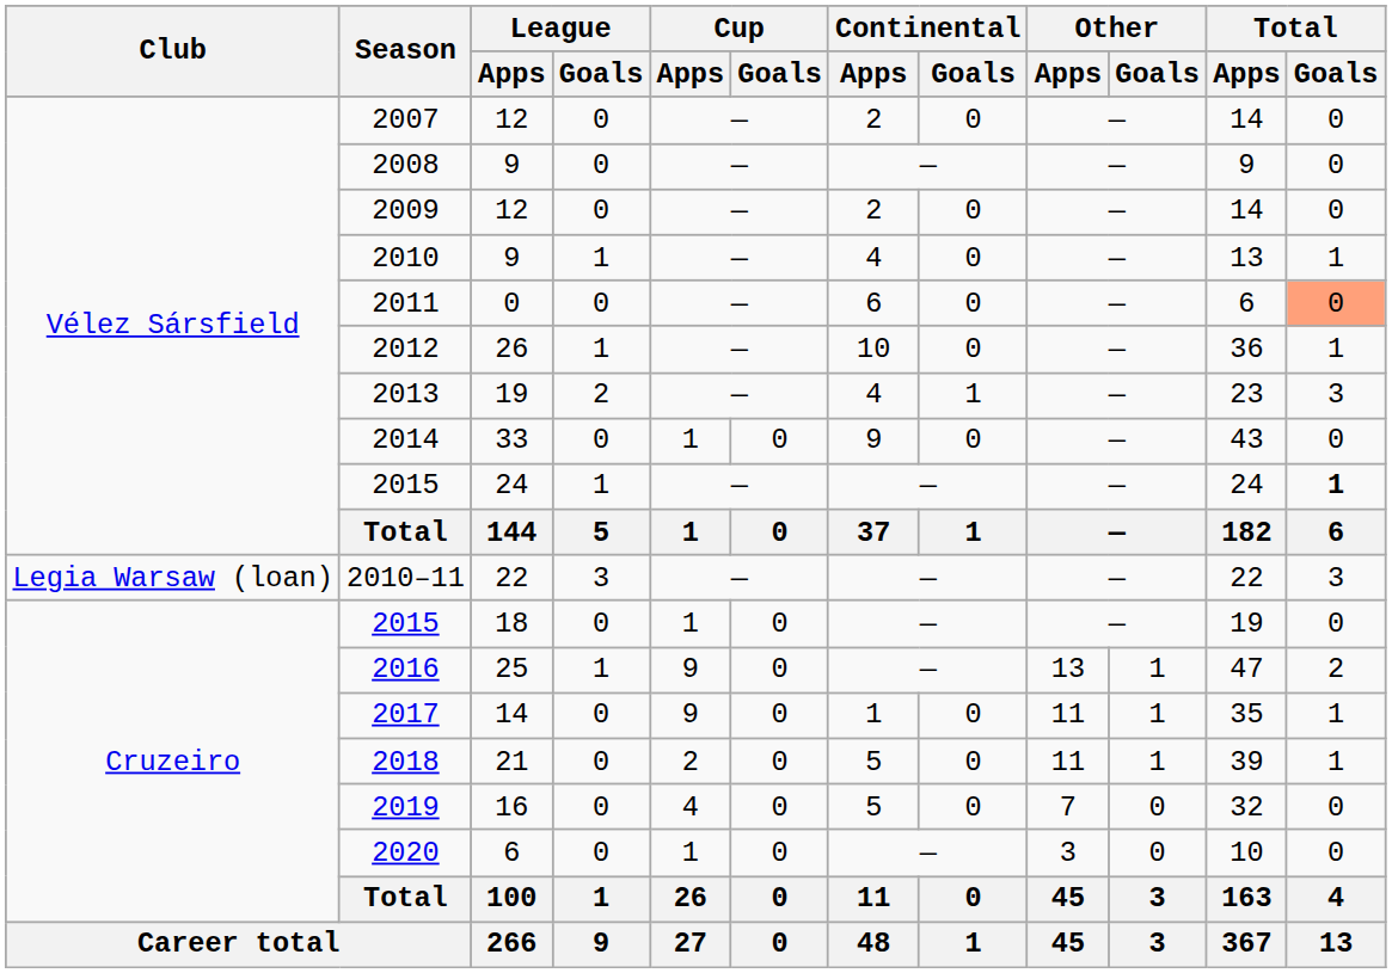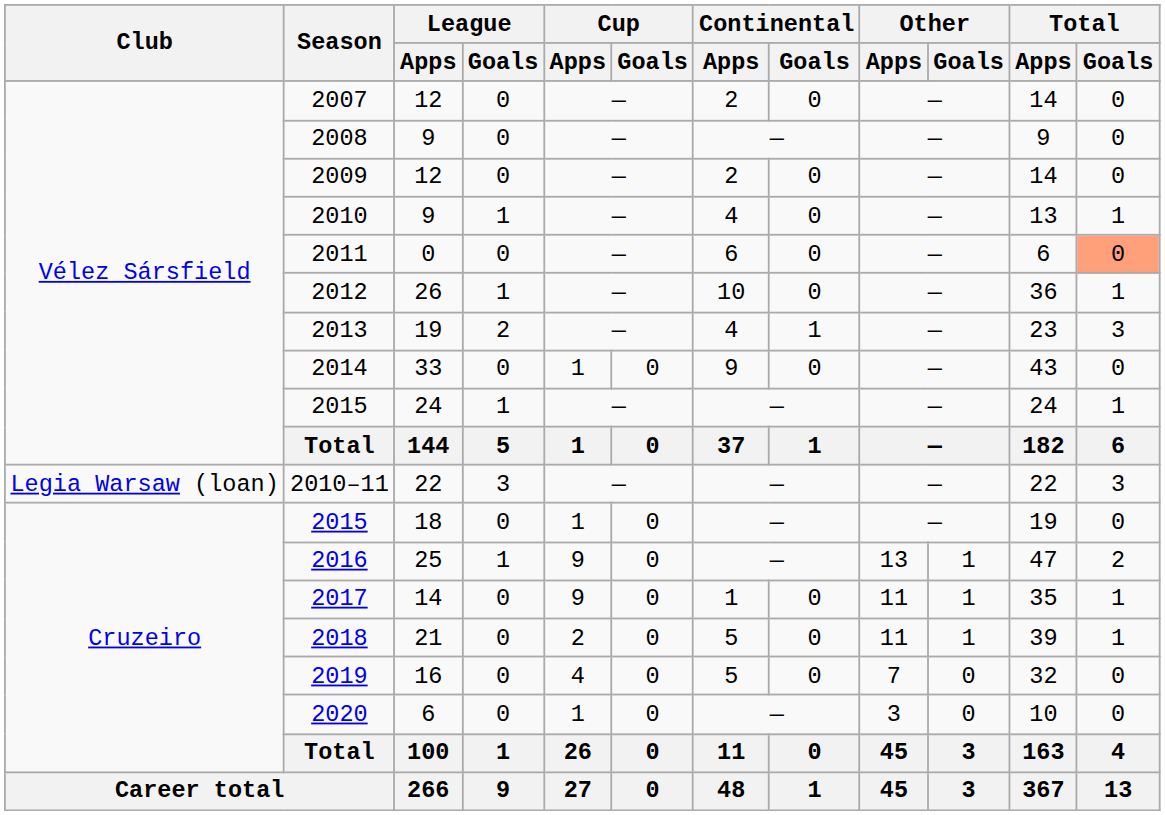 <table class="wikitable" style="text-align:center">
 <tr>
 <th rowspan="2">Club</th>
 <th rowspan="2">Season</th>
 <th colspan="2">League</th>
 <th colspan="2">Cup</th>
 <th colspan="2">Continental</th>
 <th colspan="2">Other</th>
 <th colspan="2">Total</th>
 </tr>
 <tr>
 <th>Apps</th>
 <th>Goals</th>
 <th>Apps</th>
 <th>Goals</th>
 <th>Apps</th>
 <th>Goals</th>
 <th>Apps</th>
 <th>Goals</th>
 <th>Apps</th>
 <th>Goals</th>
 </tr>
 <tr>
 <td rowspan="10"><a href='#'>Vélez Sársfield</a></td>
 <td>2007</td>
 <td>12</td>
 <td>0</td>
 <td colspan="2">—</td>
 <td>2</td>
 <td>0</td>
 <td colspan="2">—</td>
 <td>14</td>
 <td>0</td>
 </tr>
 <tr>
 <td>2008</td>
 <td>9</td>
 <td>0</td>
 <td colspan="2">—</td>
 <td colspan="2">—</td>
 <td colspan="2">—</td>
 <td>9</td>
 <td>0</td>
 </tr>
 <tr>
 <td>2009</td>
 <td>12</td>
 <td>0</td>
 <td colspan="2">—</td>
 <td>2</td>
 <td>0</td>
 <td colspan="2">—</td>
 <td>14</td>
 <td>0</td>
 </tr>
 <tr>
 <td>2010</td>
 <td>9</td>
 <td>1</td>
 <td colspan="2">—</td>
 <td>4</td>
 <td>0</td>
 <td colspan="2">—</td>
 <td>13</td>
 <td>1</td>
 </tr>
 <tr>
 <td>2011</td>
 <td>0</td>
 <td>0</td>
 <td colspan="2">—</td>
 <td>6</td>
 <td>0</td>
 <td colspan="2">—</td>
 <td>6</td>
 <td style="background: lightsalmon;">0</td>
 </tr>
 <tr>
 <td>2012</td>
 <td>26</td>
 <td>1</td>
 <td colspan="2">—</td>
 <td>10</td>
 <td>0</td>
 <td colspan="2">—</td>
 <td>36</td>
 <td>1</td>
 </tr>
 <tr>
 <td>2013</td>
 <td>19</td>
 <td>2</td>
 <td colspan="2">—</td>
 <td>4</td>
 <td>1</td>
 <td colspan="2">—</td>
 <td>23</td>
 <td>3</td>
 </tr>
 <tr>
 <td>2014</td>
 <td>33</td>
 <td>0</td>
 <td>1</td>
 <td>0</td>
 <td>9</td>
 <td>0</td>
 <td colspan="2">—</td>
 <td>43</td>
 <td>0</td>
 </tr>
 <tr>
 <td>2015</td>
 <td>24</td>
 <td>1</td>
 <td colspan="2">—</td>
 <td colspan="2">—</td>
 <td colspan="2">—</td>
 <td>24</td>
-<td><strong>1</strong></td>
+<td>1</td>
 </tr>
 <tr>
 <th colspan="1">Total</th>
 <th>144</th>
 <th>5</th>
 <th>1</th>
 <th>0</th>
 <th>37</th>
 <th>1</th>
 <th colspan="2">—</th>
 <th>182</th>
 <th>6</th>
 </tr>
 <tr>
 <td><a href='#'>Legia Warsaw</a> (loan)</td>
 <td>2010–11</td>
 <td>22</td>
 <td>3</td>
 <td colspan="2">—</td>
 <td colspan="2">—</td>
 <td colspan="2">—</td>
 <td>22</td>
 <td>3</td>
 </tr>
 <tr>
 <td rowspan="7"><a href='#'>Cruzeiro</a></td>
 <td><a href='#'>2015</a></td>
 <td>18</td>
 <td>0</td>
 <td>1</td>
 <td>0</td>
 <td colspan="2">—</td>
 <td colspan="2">—</td>
 <td>19</td>
 <td>0</td>
 </tr>
 <tr>
 <td><a href='#'>2016</a></td>
 <td>25</td>
 <td>1</td>
 <td>9</td>
 <td>0</td>
 <td colspan="2">—</td>
 <td>13</td>
 <td>1</td>
 <td>47</td>
 <td>2</td>
 </tr>
 <tr>
 <td><a href='#'>2017</a></td>
 <td>14</td>
 <td>0</td>
 <td>9</td>
 <td>0</td>
 <td>1</td>
 <td>0</td>
 <td>11</td>
 <td>1</td>
 <td>35</td>
 <td>1</td>
 </tr>
 <tr>
 <td><a href='#'>2018</a></td>
 <td>21</td>
 <td>0</td>
 <td>2</td>
 <td>0</td>
 <td>5</td>
 <td>0</td>
 <td>11</td>
 <td>1</td>
 <td>39</td>
 <td>1</td>
 </tr>
 <tr>
 <td><a href='#'>2019</a></td>
 <td>16</td>
 <td>0</td>
 <td>4</td>
 <td>0</td>
 <td>5</td>
 <td>0</td>
 <td>7</td>
 <td>0</td>
 <td>32</td>
 <td>0</td>
 </tr>
 <tr>
 <td><a href='#'>2020</a></td>
 <td>6</td>
 <td>0</td>
 <td>1</td>
 <td>0</td>
 <td colspan="2">—</td>
 <td>3</td>
 <td>0</td>
 <td>10</td>
 <td>0</td>
 </tr>
 <tr>
 <th colspan="1">Total</th>
 <th>100</th>
 <th>1</th>
 <th>26</th>
 <th>0</th>
 <th>11</th>
 <th>0</th>
 <th>45</th>
 <th>3</th>
 <th>163</th>
 <th>4</th>
 </tr>
 <tr>
 <th colspan="2">Career total</th>
 <th>266</th>
 <th>9</th>
 <th>27</th>
 <th>0</th>
 <th>48</th>
 <th>1</th>
 <th>45</th>
 <th>3</th>
 <th>367</th>
 <th>13</th>
 </tr>
 </table>
